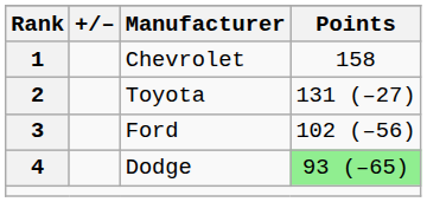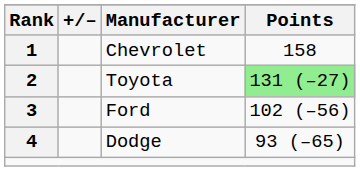 <table class="wikitable">
 <tr>
 </tr>
 <tr>
 <th scope="col">Rank</th>
 <th scope="col">+/–</th>
 <th scope="col">Manufacturer</th>
 <th scope="col">Points</th>
 </tr>
 <tr>
 <th scope="row">1</th>
 <td align="left"></td>
 <td>Chevrolet</td>
 <td style="text-align:center;">158</td>
 </tr>
 <tr>
 <th scope="row">2</th>
 <td align="left"></td>
 <td>Toyota</td>
-<td style="text-align:center;">131 (–27)</td>
+<td style="background: lightgreen; text-align:center;">131 (–27)</td>
 </tr>
 <tr>
 <th scope="row">3</th>
 <td align="left"></td>
 <td>Ford</td>
 <td style="text-align:center;">102 (–56)</td>
 </tr>
 <tr>
 <th scope="row">4</th>
 <td align="left"></td>
 <td>Dodge</td>
-<td style="background: lightgreen; text-align:center;">93 (–65)</td>
+<td style="text-align:center;">93 (–65)</td>
 </tr>
 <tr class="sortbottom">
 <td colspan="9"></td>
 </tr>
 </table>
